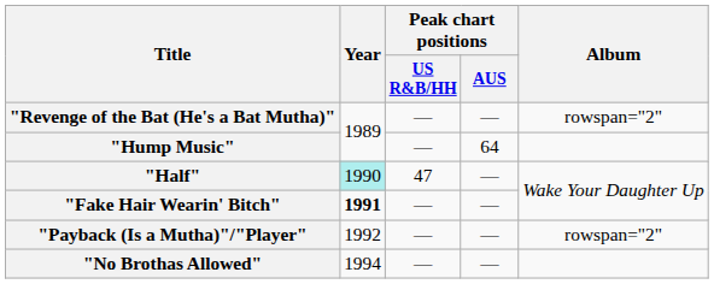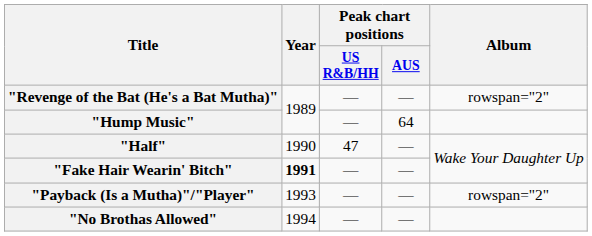 <table class="wikitable plainrowheaders" style="text-align:center;">
 <tr>
 <th scope="col" rowspan="2">Title</th>
 <th scope="col" rowspan="2">Year</th>
 <th scope="col" colspan="2">Peak chart positions</th>
 <th scope="col" rowspan="2">Album</th>
 </tr>
 <tr>
 <th scope="col" style="width:3em;font-size:90%;"><a href='#'>US<br>R&B/HH</a><br></th>
 <th scope="col" style="width:3em;font-size:90%;"><a href='#'>AUS</a><br></th>
 </tr>
 <tr>
 <th scope="row">"Revenge of the Bat (He's a Bat Mutha)"</th>
 <td rowspan="2">1989</td>
 <td>—</td>
 <td>—</td>
 <td>rowspan="2" </td>
 </tr>
 <tr>
 <th scope="row">"Hump Music"</th>
 <td>—</td>
 <td>64</td>
 </tr>
 <tr>
 <th scope="row">"Half"</th>
-<td style="background: paleturquoise;">1990</td>
+<td>1990</td>
 <td>47</td>
 <td>—</td>
 <td rowspan="2"><em>Wake Your Daughter Up</em></td>
 </tr>
 <tr>
 <th scope="row">"Fake Hair Wearin' Bitch"<br></th>
 <td><strong>1991</strong></td>
 <td>—</td>
 <td>—</td>
 </tr>
 <tr>
 <th scope="row">"Payback (Is a Mutha)"/"Player"</th>
-<td>1992</td>
+<td>1993</td>
 <td>—</td>
 <td>—</td>
 <td>rowspan="2" </td>
 </tr>
 <tr>
 <th scope="row">"No Brothas Allowed"</th>
 <td>1994</td>
 <td>—</td>
 <td>—</td>
 </tr>
 </table>
